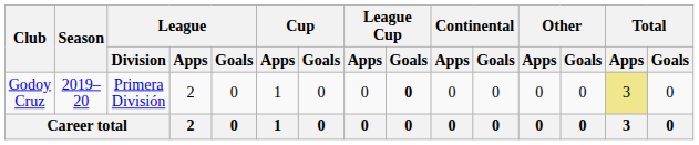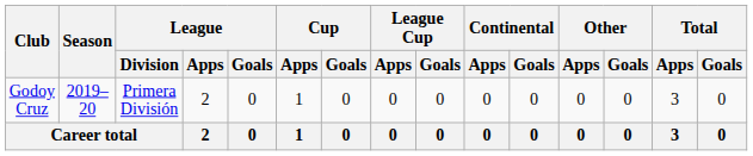 <table class="wikitable" style="text-align:center">
 <tr>
 <th rowspan="2">Club</th>
 <th rowspan="2">Season</th>
 <th colspan="3">League</th>
 <th colspan="2">Cup</th>
 <th colspan="2">League Cup</th>
 <th colspan="2">Continental</th>
 <th colspan="2">Other</th>
 <th colspan="2">Total</th>
 </tr>
 <tr>
 <th>Division</th>
 <th>Apps</th>
 <th>Goals</th>
 <th>Apps</th>
 <th>Goals</th>
 <th>Apps</th>
 <th>Goals</th>
 <th>Apps</th>
 <th>Goals</th>
 <th>Apps</th>
 <th>Goals</th>
 <th>Apps</th>
 <th>Goals</th>
 </tr>
 <tr>
 <td rowspan="1"><a href='#'>Godoy Cruz</a></td>
 <td><a href='#'>2019–20</a></td>
 <td rowspan="1"><a href='#'>Primera División</a></td>
 <td>2</td>
 <td>0</td>
 <td>1</td>
 <td>0</td>
 <td>0</td>
-<td><strong>0</strong></td>
 <td>0</td>
 <td>0</td>
 <td>0</td>
 <td>0</td>
-<td style="background: khaki;">3</td>
+<td>0</td>
+<td>3</td>
 <td>0</td>
 </tr>
 <tr>
 <th colspan="3">Career total</th>
 <th>2</th>
 <th>0</th>
 <th>1</th>
 <th>0</th>
 <th>0</th>
 <th>0</th>
 <th>0</th>
 <th>0</th>
 <th>0</th>
 <th>0</th>
 <th>3</th>
 <th>0</th>
 </tr>
 </table>
